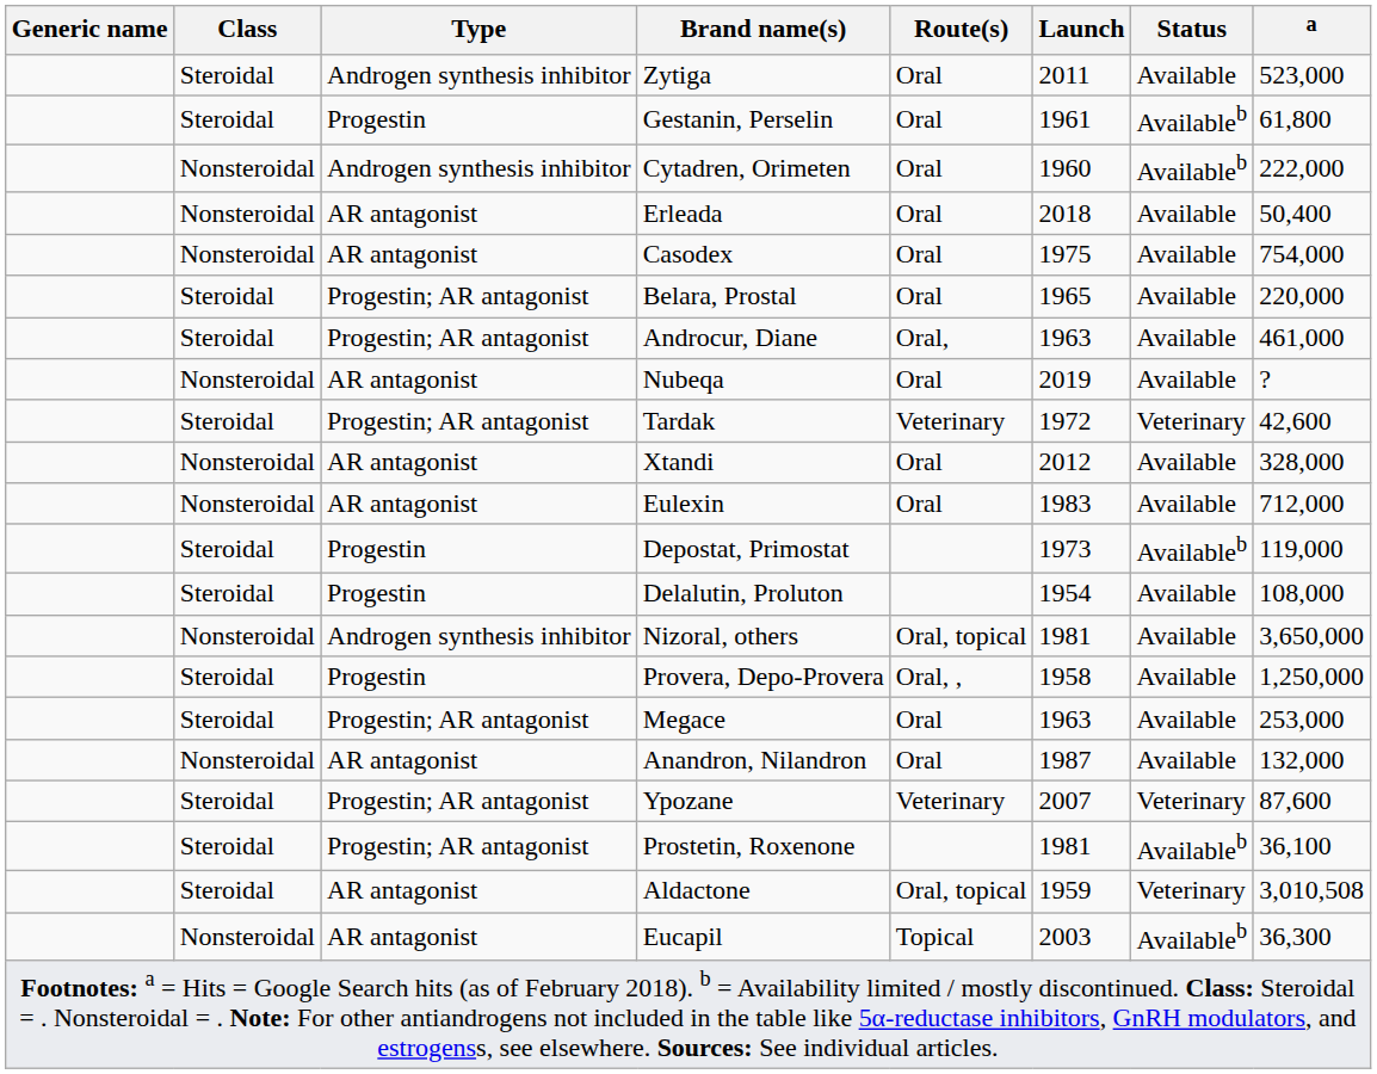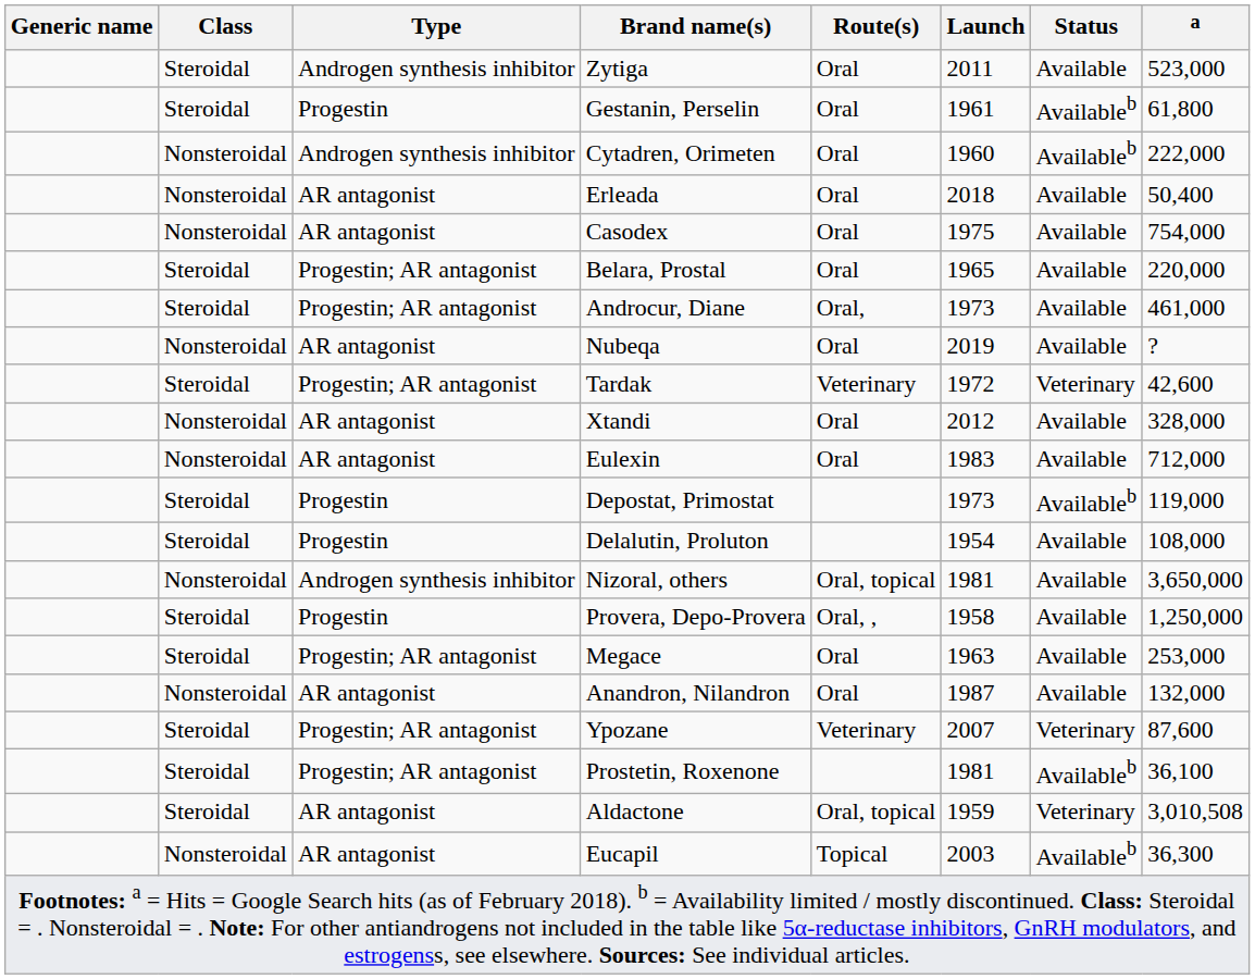 <table class="wikitable sortable mw-collapsible ">
 <tr>
 <th>Generic name</th>
 <th>Class</th>
 <th>Type</th>
 <th>Brand name(s)</th>
 <th>Route(s)</th>
 <th>Launch</th>
 <th>Status</th>
 <th><sup>a</sup></th>
 </tr>
 <tr>
 <td></td>
 <td>Steroidal</td>
 <td>Androgen synthesis inhibitor</td>
 <td>Zytiga</td>
 <td>Oral</td>
 <td>2011</td>
 <td>Available</td>
 <td>523,000</td>
 </tr>
 <tr>
 <td></td>
 <td>Steroidal</td>
 <td>Progestin</td>
 <td>Gestanin, Perselin</td>
 <td>Oral</td>
 <td>1961</td>
 <td>Available<sup>b</sup></td>
 <td>61,800</td>
 </tr>
 <tr>
 <td></td>
 <td>Nonsteroidal</td>
 <td>Androgen synthesis inhibitor</td>
 <td>Cytadren, Orimeten</td>
 <td>Oral</td>
 <td>1960</td>
 <td>Available<sup>b</sup></td>
 <td>222,000</td>
 </tr>
 <tr>
 <td></td>
 <td>Nonsteroidal</td>
 <td>AR antagonist</td>
 <td>Erleada</td>
 <td>Oral</td>
 <td>2018</td>
 <td>Available</td>
 <td>50,400</td>
 </tr>
 <tr>
 <td></td>
 <td>Nonsteroidal</td>
 <td>AR antagonist</td>
 <td>Casodex</td>
 <td>Oral</td>
 <td>1975</td>
 <td>Available</td>
 <td>754,000</td>
 </tr>
 <tr>
 <td></td>
 <td>Steroidal</td>
 <td>Progestin; AR antagonist</td>
 <td>Belara, Prostal</td>
 <td>Oral</td>
 <td>1965</td>
 <td>Available</td>
 <td>220,000</td>
 </tr>
 <tr>
 <td></td>
 <td>Steroidal</td>
 <td>Progestin; AR antagonist</td>
 <td>Androcur, Diane</td>
 <td>Oral, </td>
-<td>1963</td>
+<td>1973</td>
 <td>Available</td>
 <td>461,000</td>
 </tr>
 <tr>
 <td></td>
 <td>Nonsteroidal</td>
 <td>AR antagonist</td>
 <td>Nubeqa</td>
 <td>Oral</td>
 <td>2019</td>
 <td>Available</td>
 <td>?</td>
 </tr>
 <tr>
 <td></td>
 <td>Steroidal</td>
 <td>Progestin; AR antagonist</td>
 <td>Tardak</td>
 <td>Veterinary</td>
 <td>1972</td>
 <td>Veterinary</td>
 <td>42,600</td>
 </tr>
 <tr>
 <td></td>
 <td>Nonsteroidal</td>
 <td>AR antagonist</td>
 <td>Xtandi</td>
 <td>Oral</td>
 <td>2012</td>
 <td>Available</td>
 <td>328,000</td>
 </tr>
 <tr>
 <td></td>
 <td>Nonsteroidal</td>
 <td>AR antagonist</td>
 <td>Eulexin</td>
 <td>Oral</td>
 <td>1983</td>
 <td>Available</td>
 <td>712,000</td>
 </tr>
 <tr>
 <td></td>
 <td>Steroidal</td>
 <td>Progestin</td>
 <td>Depostat, Primostat</td>
 <td></td>
 <td>1973</td>
 <td>Available<sup>b</sup></td>
 <td>119,000</td>
 </tr>
 <tr>
 <td></td>
 <td>Steroidal</td>
 <td>Progestin</td>
 <td>Delalutin, Proluton</td>
 <td></td>
 <td>1954</td>
 <td>Available</td>
 <td>108,000</td>
 </tr>
 <tr>
 <td></td>
 <td>Nonsteroidal</td>
 <td>Androgen synthesis inhibitor</td>
 <td>Nizoral, others</td>
 <td>Oral, topical</td>
 <td>1981</td>
 <td>Available</td>
 <td>3,650,000</td>
 </tr>
 <tr>
 <td></td>
 <td>Steroidal</td>
 <td>Progestin</td>
 <td>Provera, Depo-Provera</td>
 <td>Oral, , </td>
 <td>1958</td>
 <td>Available</td>
 <td>1,250,000</td>
 </tr>
 <tr>
 <td></td>
 <td>Steroidal</td>
 <td>Progestin; AR antagonist</td>
 <td>Megace</td>
 <td>Oral</td>
 <td>1963</td>
 <td>Available</td>
 <td>253,000</td>
 </tr>
 <tr>
 <td></td>
 <td>Nonsteroidal</td>
 <td>AR antagonist</td>
 <td>Anandron, Nilandron</td>
 <td>Oral</td>
 <td>1987</td>
 <td>Available</td>
 <td>132,000</td>
 </tr>
 <tr>
 <td></td>
 <td>Steroidal</td>
 <td>Progestin; AR antagonist</td>
 <td>Ypozane</td>
 <td>Veterinary</td>
 <td>2007</td>
 <td>Veterinary</td>
 <td>87,600</td>
 </tr>
 <tr>
 <td></td>
 <td>Steroidal</td>
 <td>Progestin; AR antagonist</td>
 <td>Prostetin, Roxenone</td>
 <td></td>
 <td>1981</td>
 <td>Available<sup>b</sup></td>
 <td>36,100</td>
 </tr>
 <tr>
 <td></td>
 <td>Steroidal</td>
 <td>AR antagonist</td>
 <td>Aldactone</td>
 <td>Oral, topical</td>
 <td>1959</td>
 <td>Veterinary</td>
 <td>3,010,508</td>
 </tr>
 <tr>
 <td></td>
 <td>Nonsteroidal</td>
 <td>AR antagonist</td>
 <td>Eucapil</td>
 <td>Topical</td>
 <td>2003</td>
 <td>Available<sup>b</sup></td>
 <td>36,300</td>
 </tr>
 <tr class="sortbottom">
 <td colspan="8" style="width: 1px; background-color:#eaecf0; text-align: center;"><strong>Footnotes:</strong> <sup>a</sup> = Hits = Google Search hits (as of February 2018). <sup>b</sup> = Availability limited / mostly discontinued. <strong>Class:</strong> Steroidal = . Nonsteroidal = . <strong>Note:</strong> For other antiandrogens not included in the table like <a href='#'>5α-reductase inhibitors</a>, <a href='#'>GnRH modulators</a>, and <a href='#'>estrogens</a>s, see elsewhere. <strong>Sources:</strong> See individual articles.</td>
 </tr>
 </table>
